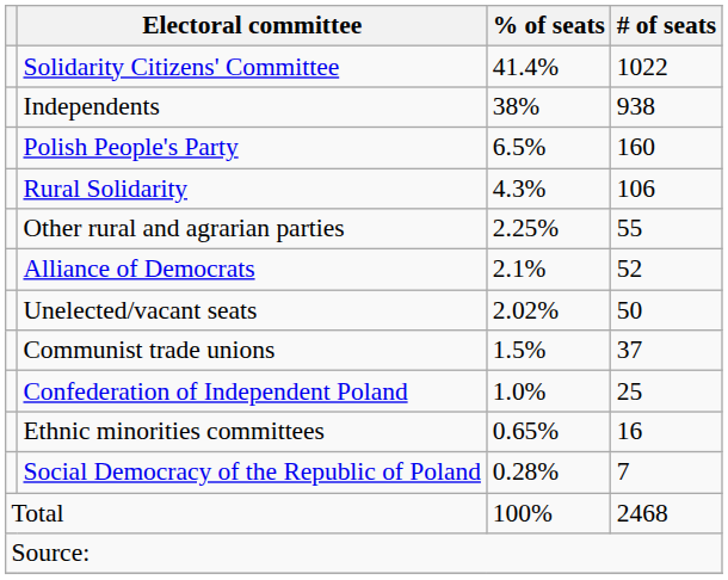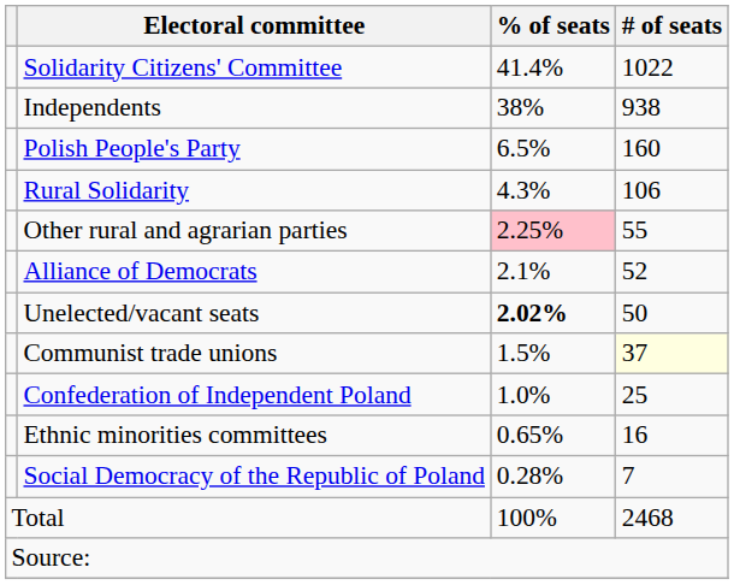 <table class="wikitable">
 <tr>
 <th></th>
 <th>Electoral committee</th>
 <th>% of seats</th>
 <th># of seats</th>
 </tr>
 <tr>
 <td></td>
 <td><a href='#'>Solidarity Citizens' Committee</a></td>
 <td>41.4%</td>
 <td>1022</td>
 </tr>
 <tr>
 <td></td>
 <td>Independents</td>
 <td>38%</td>
 <td>938</td>
 </tr>
 <tr>
 <td></td>
 <td><a href='#'>Polish People's Party</a></td>
 <td>6.5%</td>
 <td>160</td>
 </tr>
 <tr>
 <td></td>
 <td><a href='#'>Rural Solidarity</a></td>
 <td>4.3%</td>
 <td>106</td>
 </tr>
 <tr>
 <td></td>
 <td>Other rural and agrarian parties</td>
-<td>2.25%</td>
+<td style="background: pink;">2.25%</td>
 <td>55</td>
 </tr>
 <tr>
 <td></td>
 <td><a href='#'>Alliance of Democrats</a></td>
 <td>2.1%</td>
 <td>52</td>
 </tr>
 <tr>
 <td></td>
 <td>Unelected/vacant seats</td>
-<td>2.02%</td>
+<td><strong>2.02%</strong></td>
 <td>50</td>
 </tr>
 <tr>
 <td></td>
 <td>Communist trade unions</td>
 <td>1.5%</td>
-<td>37</td>
+<td style="background: lightyellow;">37</td>
 </tr>
 <tr>
 <td></td>
 <td><a href='#'>Confederation of Independent Poland</a></td>
 <td>1.0%</td>
 <td>25</td>
 </tr>
 <tr>
 <td></td>
 <td>Ethnic minorities committees</td>
 <td>0.65%</td>
 <td>16</td>
 </tr>
 <tr>
 <td></td>
 <td><a href='#'>Social Democracy of the Republic of Poland</a></td>
 <td>0.28%</td>
 <td>7</td>
 </tr>
 <tr>
 <td colspan="2">Total</td>
 <td>100%</td>
 <td>2468</td>
 </tr>
 <tr>
 <td colspan="4">Source: </td>
 </tr>
 <tr>
 </tr>
 </table>
